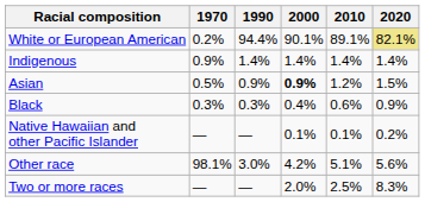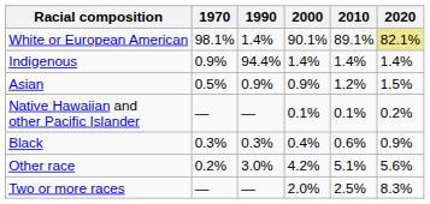 <table class="wikitable sortable collapsible nowrap" style="font-size: 90%; display:inline-table;">
 <tr>
 <th>Racial composition</th>
 <th>1970</th>
 <th>1990</th>
 <th>2000</th>
 <th>2010</th>
 <th>2020</th>
 </tr>
 <tr>
 <td><a href='#'>White or European American</a></td>
-<td>0.2%</td>
-<td>94.4%</td>
+<td>98.1%</td>
+<td>1.4%</td>
 <td>90.1%</td>
 <td>89.1%</td>
 <td style="background: khaki;">82.1%</td>
 </tr>
 <tr>
 <td><a href='#'>Indigenous</a></td>
 <td>0.9%</td>
-<td>1.4%</td>
+<td>94.4%</td>
 <td>1.4%</td>
 <td>1.4%</td>
 <td>1.4%</td>
 </tr>
 <tr>
 <td><a href='#'>Asian</a></td>
 <td>0.5%</td>
 <td>0.9%</td>
-<td><strong>0.9%</strong></td>
+<td>0.9%</td>
 <td>1.2%</td>
 <td>1.5%</td>
+</tr>
+<tr>
+<td><a href='#'>Native Hawaiian</a> and <br><a href='#'>other Pacific Islander</a></td>
+<td>—</td>
+<td>—</td>
+<td>0.1%</td>
+<td>0.1%</td>
+<td>0.2%</td>
 </tr>
 <tr>
 <td><a href='#'>Black</a></td>
 <td>0.3%</td>
 <td>0.3%</td>
 <td>0.4%</td>
 <td>0.6%</td>
 <td>0.9%</td>
 </tr>
 <tr>
-<td><a href='#'>Native Hawaiian</a> and <br><a href='#'>other Pacific Islander</a></td>
-<td>—</td>
-<td>—</td>
-<td>0.1%</td>
-<td>0.1%</td>
+<td><a href='#'>Other race</a></td>
 <td>0.2%</td>
-</tr>
-<tr>
-<td><a href='#'>Other race</a></td>
-<td>98.1%</td>
 <td>3.0%</td>
 <td>4.2%</td>
 <td>5.1%</td>
 <td>5.6%</td>
 </tr>
 <tr>
 <td><a href='#'>Two or more races</a></td>
 <td>—</td>
 <td>—</td>
 <td>2.0%</td>
 <td>2.5%</td>
 <td>8.3%</td>
 </tr>
 </table>
